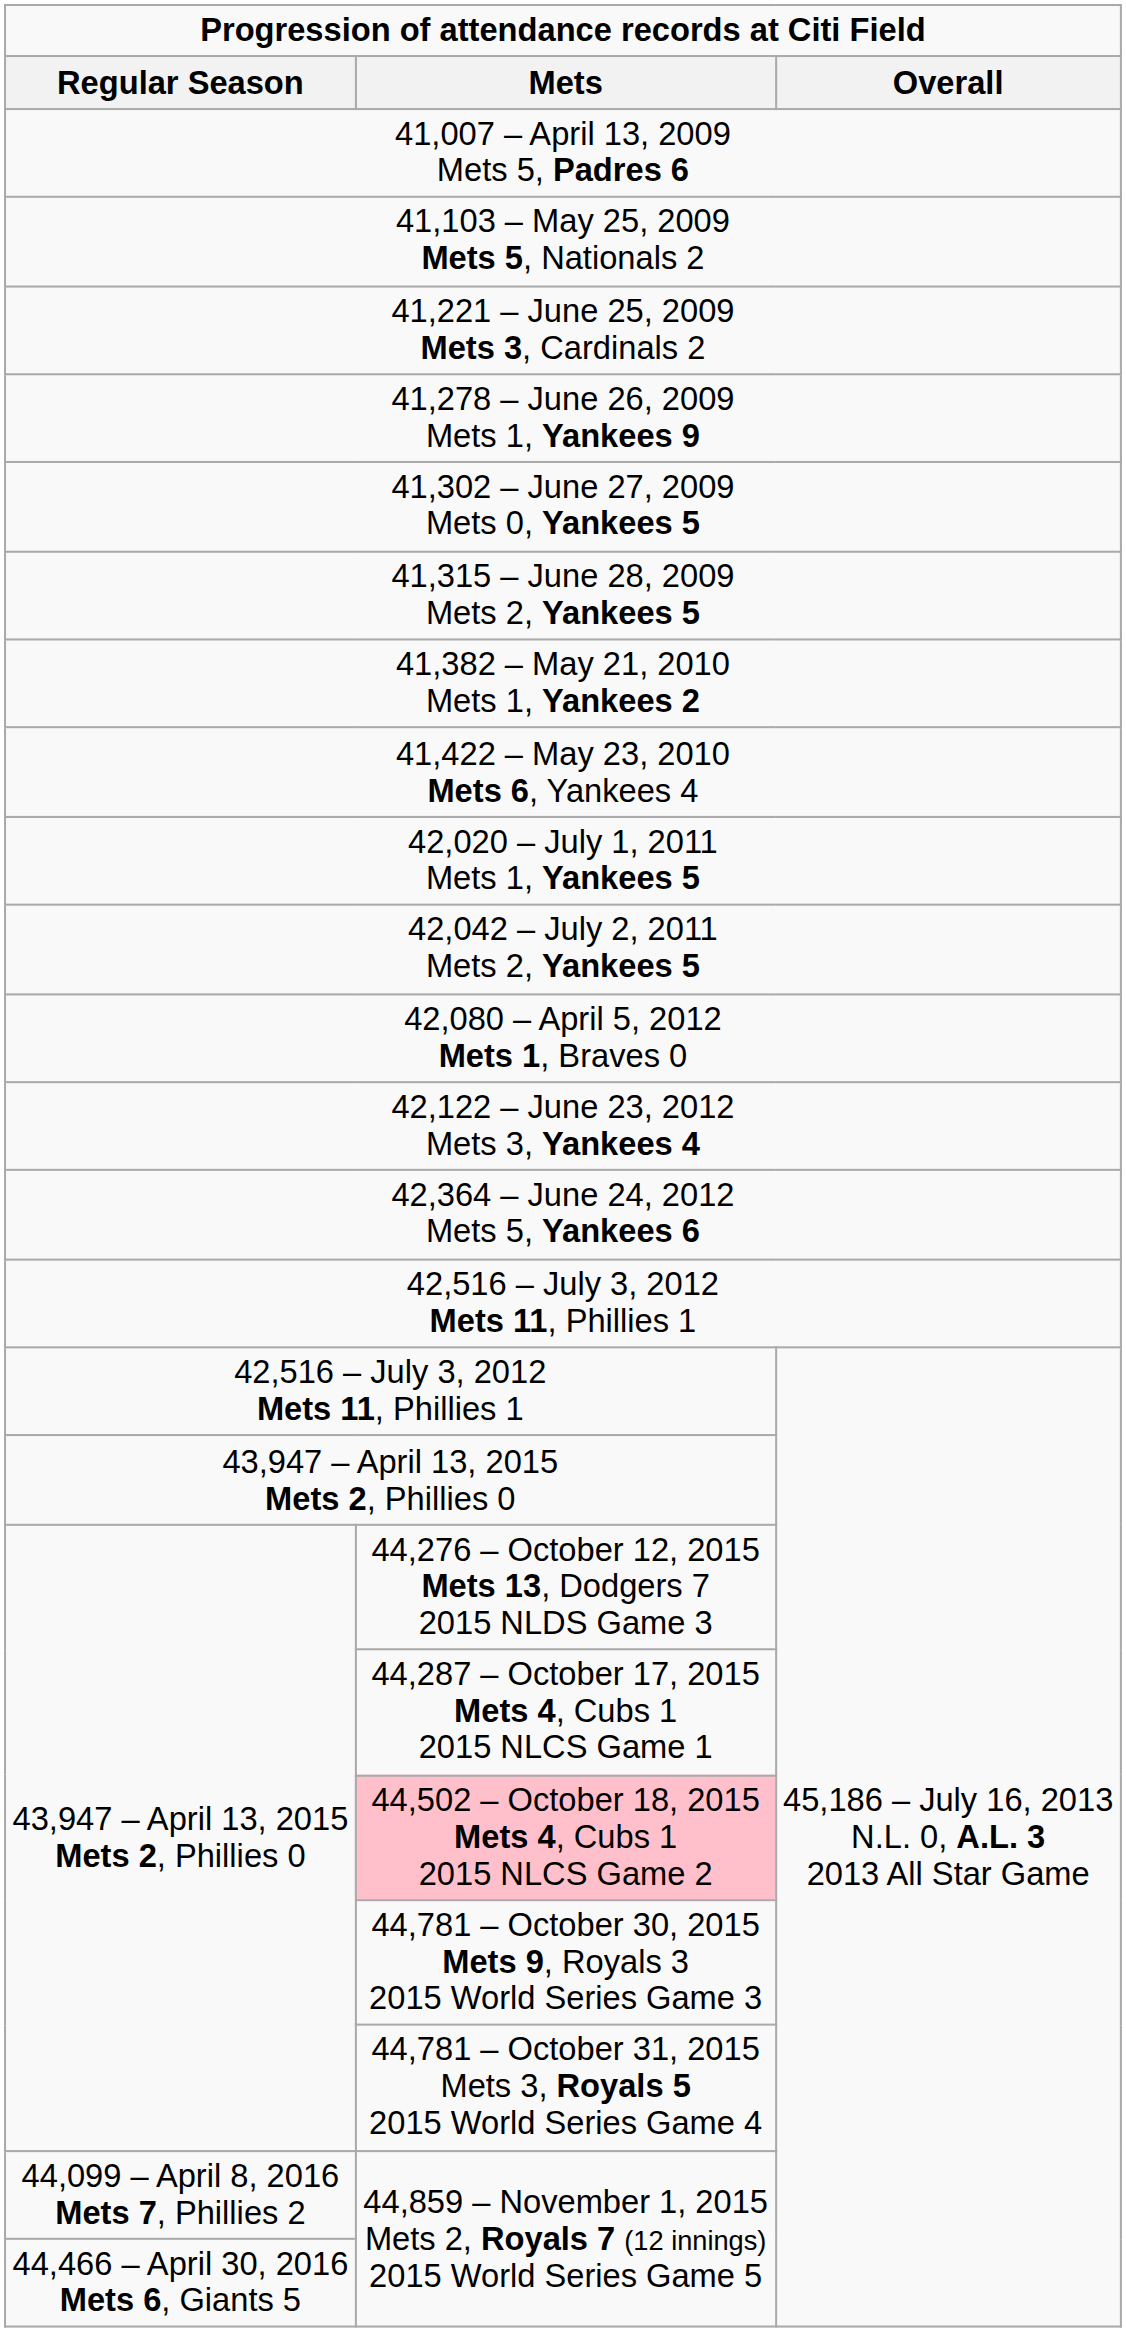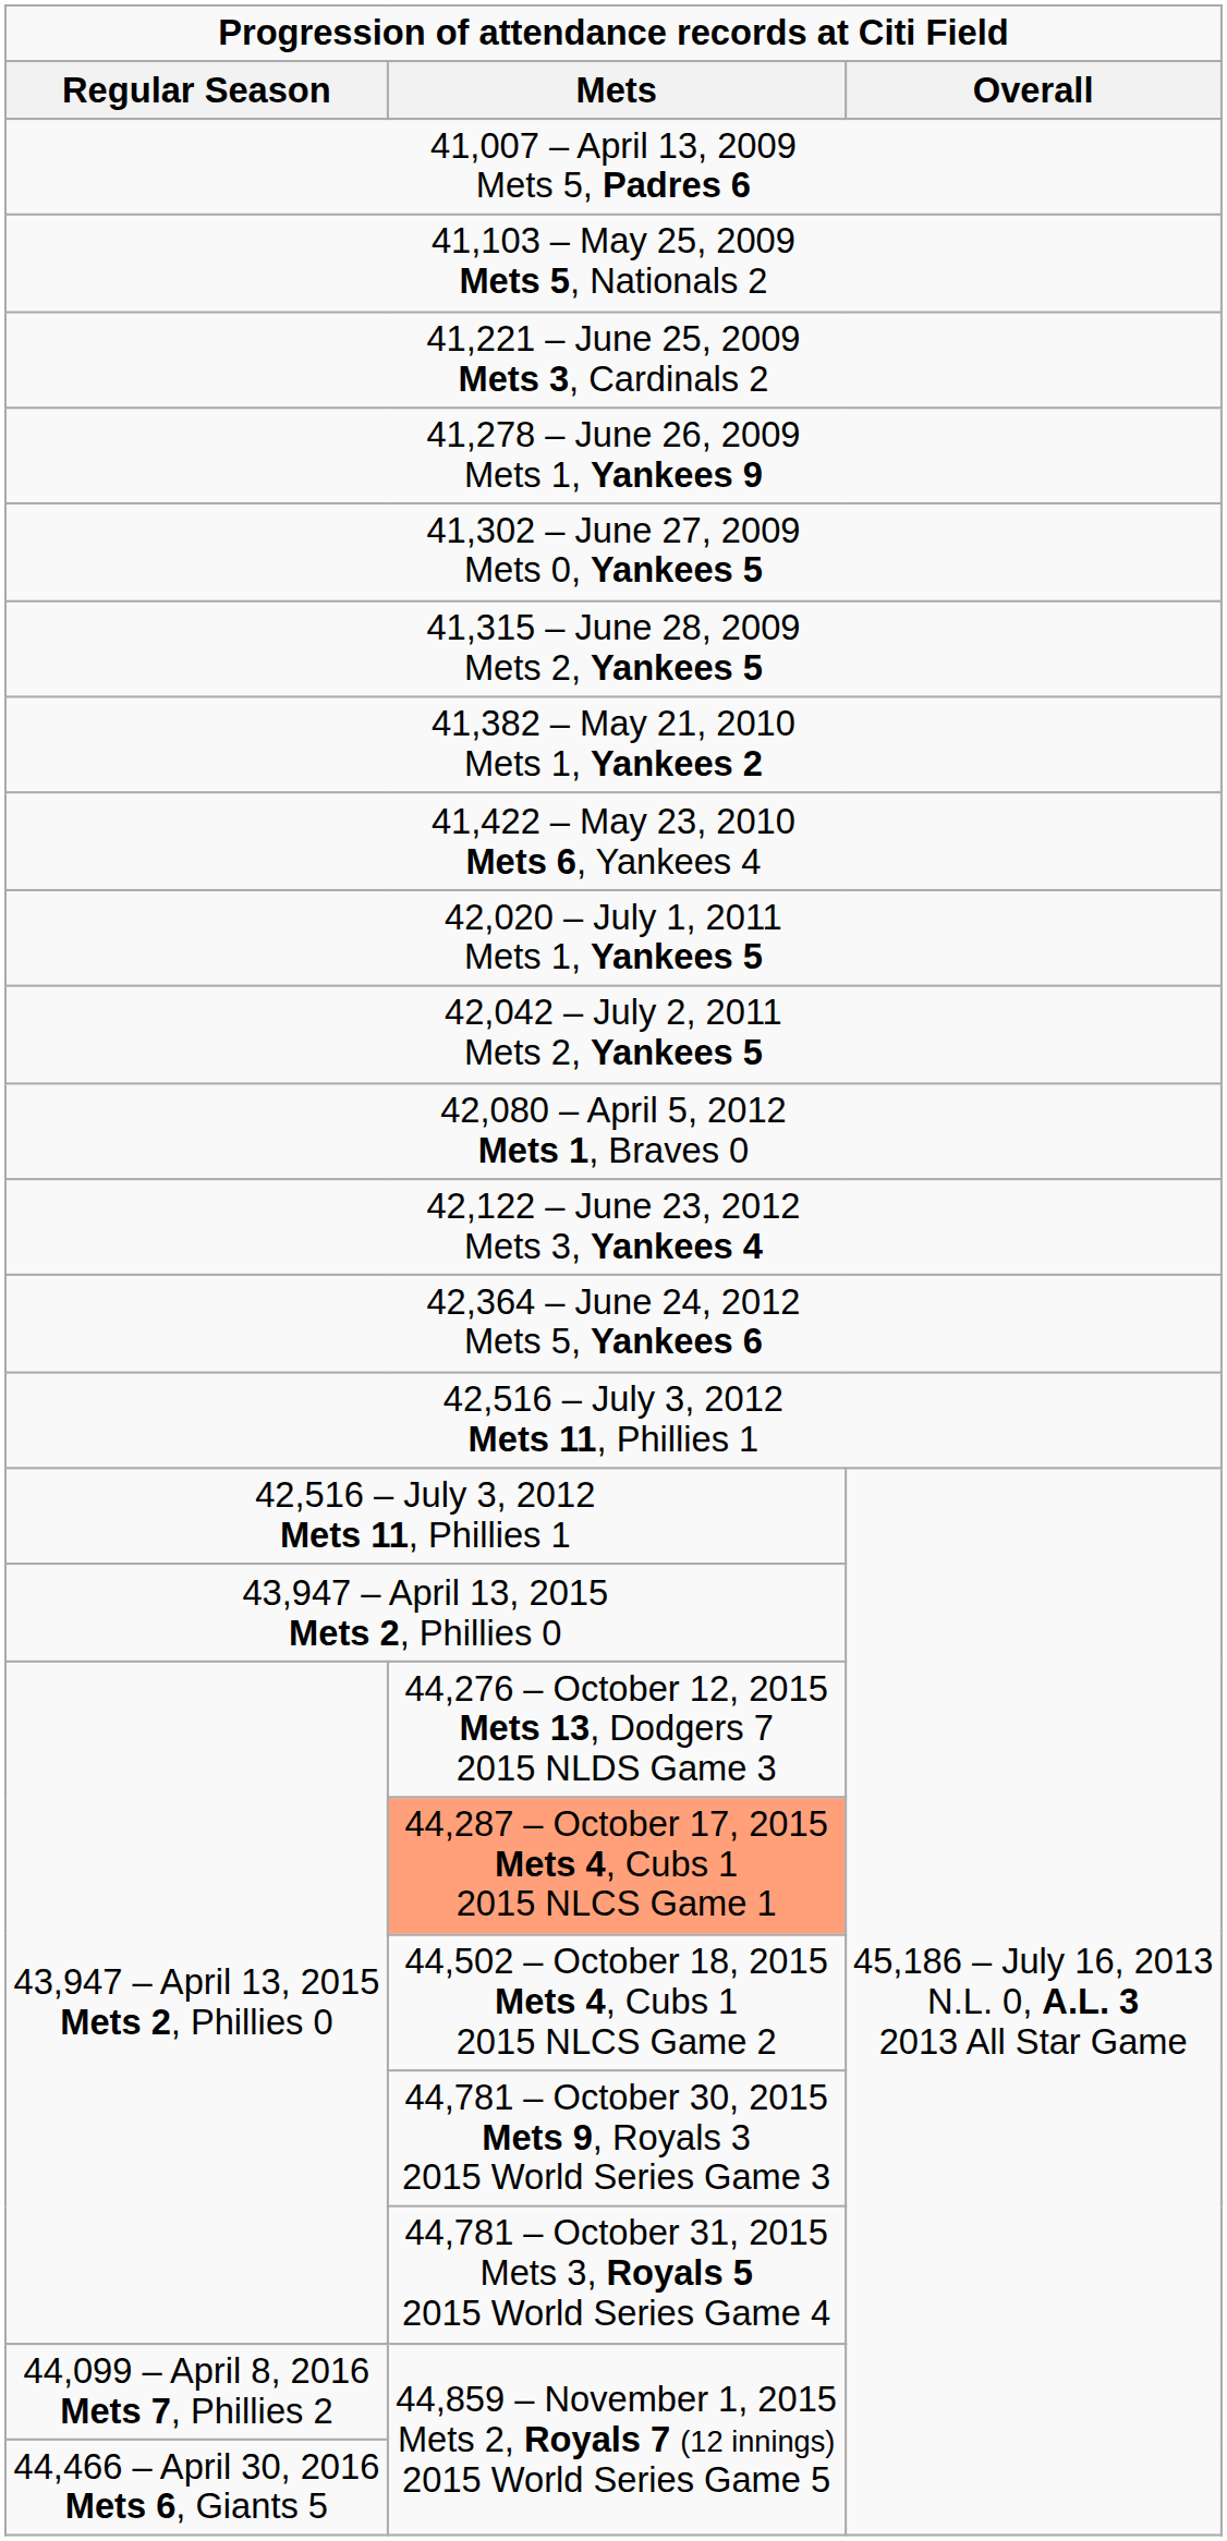 <table class="wikitable" style="text-align:center">
 <tr>
 <td colspan="3"><strong>Progression of attendance records at Citi Field</strong></td>
 </tr>
 <tr>
 <th>Regular Season</th>
 <th>Mets</th>
 <th>Overall</th>
 </tr>
 <tr>
 <td colspan=3>41,007 – April 13, 2009<br>Mets 5, <strong>Padres 6</strong></td>
 </tr>
 <tr>
 <td colspan=3>41,103 – May 25, 2009<br><strong>Mets 5</strong>, Nationals 2</td>
 </tr>
 <tr>
 <td colspan=3>41,221 – June 25, 2009<br><strong>Mets 3</strong>, Cardinals 2</td>
 </tr>
 <tr>
 <td colspan=3>41,278 – June 26, 2009<br>Mets 1, <strong>Yankees 9</strong></td>
 </tr>
 <tr>
 <td colspan=3>41,302 – June 27, 2009<br>Mets 0, <strong>Yankees 5</strong></td>
 </tr>
 <tr>
 <td colspan=3>41,315 – June 28, 2009<br>Mets 2, <strong>Yankees 5</strong></td>
 </tr>
 <tr>
 <td colspan=3>41,382 – May 21, 2010<br>Mets 1, <strong>Yankees 2</strong></td>
 </tr>
 <tr>
 <td colspan=3>41,422 – May 23, 2010<br><strong>Mets 6</strong>, Yankees 4</td>
 </tr>
 <tr>
 <td colspan=3>42,020 – July 1, 2011<br>Mets 1, <strong>Yankees 5</strong></td>
 </tr>
 <tr>
 <td colspan=3>42,042 – July 2, 2011<br>Mets 2, <strong>Yankees 5</strong></td>
 </tr>
 <tr>
 <td colspan=3>42,080 – April 5, 2012<br><strong>Mets 1</strong>, Braves 0</td>
 </tr>
 <tr>
 <td colspan=3>42,122 – June 23, 2012<br>Mets 3, <strong>Yankees 4</strong></td>
 </tr>
 <tr>
 <td colspan=3>42,364 – June 24, 2012<br>Mets 5, <strong>Yankees 6</strong></td>
 </tr>
 <tr>
 <td colspan=3>42,516 – July 3, 2012<br><strong>Mets 11</strong>, Phillies 1</td>
 </tr>
 <tr>
 <td colspan=2>42,516 – July 3, 2012 <br><strong>Mets 11</strong>, Phillies 1</td>
 <td rowspan=10>45,186 – July 16, 2013<br>N.L. 0, <strong>A.L. 3</strong><br>2013 All Star Game</td>
 </tr>
 <tr>
 <td colspan=2>43,947 – April 13, 2015<br><strong>Mets 2</strong>, Phillies 0</td>
 </tr>
 <tr>
 <td rowspan=6>43,947 – April 13, 2015<br><strong>Mets 2</strong>, Phillies 0</td>
 <td>44,276 – October 12, 2015<br><strong>Mets 13</strong>, Dodgers 7<br> 2015 NLDS Game 3</td>
 </tr>
 <tr>
-<td>44,287 – October 17, 2015<br><strong>Mets 4</strong>, Cubs 1<br>2015 NLCS Game 1</td>
+<td style="background: lightsalmon;">44,287 – October 17, 2015<br><strong>Mets 4</strong>, Cubs 1<br>2015 NLCS Game 1</td>
 </tr>
 <tr>
-<td style="background: pink;">44,502 – October 18, 2015<br><strong>Mets 4</strong>, Cubs 1<br>2015 NLCS Game 2</td>
+<td>44,502 – October 18, 2015<br><strong>Mets 4</strong>, Cubs 1<br>2015 NLCS Game 2</td>
 </tr>
 <tr>
 <td>44,781 – October 30, 2015<br><strong>Mets 9</strong>, Royals 3<br>2015 World Series Game 3</td>
 </tr>
 <tr>
 <td>44,781 – October 31, 2015<br>Mets 3, <strong>Royals 5</strong><br>2015 World Series Game 4</td>
 </tr>
 <tr>
 <td rowspan=3>44,859 – November 1, 2015<br>Mets 2, <strong>Royals 7</strong> <small>(12 innings)</small><br>2015 World Series Game 5</td>
 </tr>
 <tr>
 <td>44,099 – April 8, 2016<br><strong>Mets 7</strong>, Phillies 2</td>
 </tr>
 <tr>
 <td>44,466 – April 30, 2016<br><strong>Mets 6</strong>, Giants 5</td>
 </tr>
 </table>
